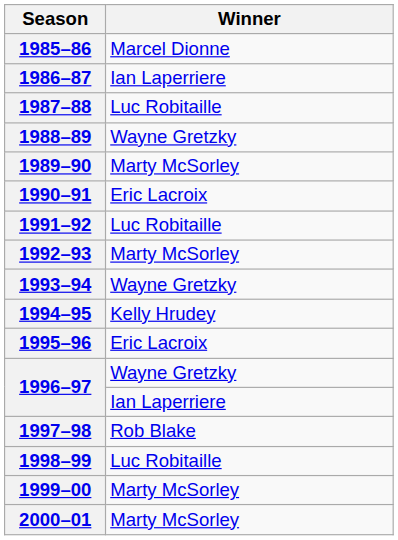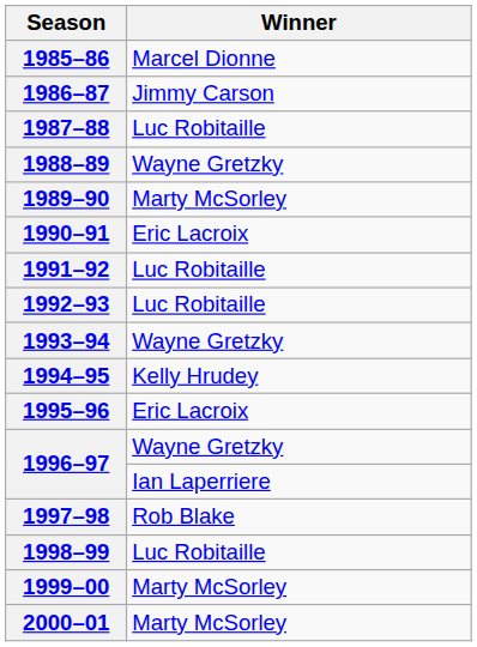 <table class="wikitable">
 <tr>
 <th scope="col" style="width:5em">Season</th>
 <th scope="col" style="width:15em">Winner</th>
 </tr>
 <tr>
 <th scope="row"><a href='#'>1985–86</a></th>
 <td><a href='#'>Marcel Dionne</a></td>
 </tr>
 <tr>
 <th scope="row"><a href='#'>1986–87</a></th>
-<td><a href='#'>Ian Laperriere</a></td>
+<td><a href='#'>Jimmy Carson</a></td>
 </tr>
 <tr>
 <th scope="row"><a href='#'>1987–88</a></th>
 <td><a href='#'>Luc Robitaille</a></td>
 </tr>
 <tr>
 <th scope="row"><a href='#'>1988–89</a></th>
 <td><a href='#'>Wayne Gretzky</a></td>
 </tr>
 <tr>
 <th scope="row"><a href='#'>1989–90</a></th>
 <td><a href='#'>Marty McSorley</a></td>
 </tr>
 <tr>
 <th scope="row"><a href='#'>1990–91</a></th>
 <td><a href='#'>Eric Lacroix</a></td>
 </tr>
 <tr>
 <th scope="row"><a href='#'>1991–92</a></th>
 <td><a href='#'>Luc Robitaille</a></td>
 </tr>
 <tr>
 <th scope="row"><a href='#'>1992–93</a></th>
-<td><a href='#'>Marty McSorley</a></td>
+<td><a href='#'>Luc Robitaille</a></td>
 </tr>
 <tr>
 <th scope="row"><a href='#'>1993–94</a></th>
 <td><a href='#'>Wayne Gretzky</a></td>
 </tr>
 <tr>
 <th scope="row"><a href='#'>1994–95</a></th>
 <td><a href='#'>Kelly Hrudey</a></td>
 </tr>
 <tr>
 <th scope="row"><a href='#'>1995–96</a></th>
 <td><a href='#'>Eric Lacroix</a></td>
 </tr>
 <tr>
 <th scope="row" rowspan="2"><a href='#'>1996–97</a></th>
 <td><a href='#'>Wayne Gretzky</a></td>
 </tr>
 <tr>
 <td><a href='#'>Ian Laperriere</a></td>
 </tr>
 <tr>
 <th scope="row"><a href='#'>1997–98</a></th>
 <td><a href='#'>Rob Blake</a></td>
 </tr>
 <tr>
 <th scope="row"><a href='#'>1998–99</a></th>
 <td><a href='#'>Luc Robitaille</a></td>
 </tr>
 <tr>
 <th scope="row"><a href='#'>1999–00</a></th>
 <td><a href='#'>Marty McSorley</a></td>
 </tr>
 <tr>
 <th scope="row"><a href='#'>2000–01</a></th>
 <td><a href='#'>Marty McSorley</a></td>
 </tr>
 </table>
